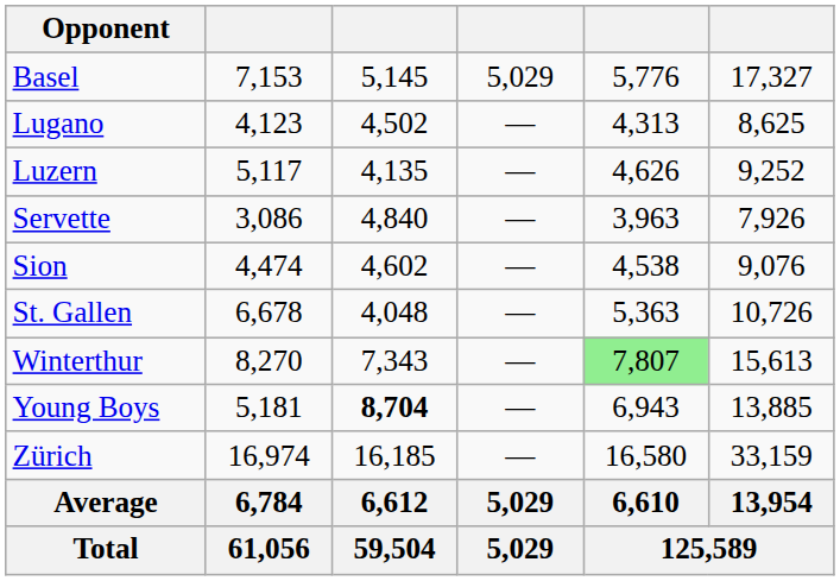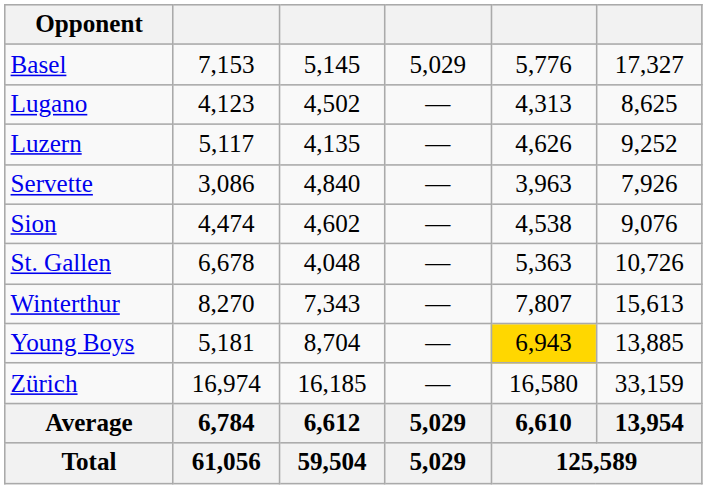 <table class="wikitable sortable" style="text-align:center">
 <tr>
 <th width=100>Opponent</th>
 <th width=60></th>
 <th width=60></th>
 <th width=60></th>
 <th width=60></th>
 <th width=60></th>
 </tr>
 <tr>
 <td align=left><a href='#'>Basel</a></td>
 <td>7,153</td>
 <td>5,145</td>
 <td>5,029</td>
 <td>5,776</td>
 <td>17,327</td>
 </tr>
 <tr>
 <td align=left><a href='#'>Lugano</a></td>
 <td>4,123</td>
 <td>4,502</td>
 <td>—</td>
 <td>4,313</td>
 <td>8,625</td>
 </tr>
 <tr>
 <td align=left><a href='#'>Luzern</a></td>
 <td>5,117</td>
 <td>4,135</td>
 <td>—</td>
 <td>4,626</td>
 <td>9,252</td>
 </tr>
 <tr>
 <td align=left><a href='#'>Servette</a></td>
 <td>3,086</td>
 <td>4,840</td>
 <td>—</td>
 <td>3,963</td>
 <td>7,926</td>
 </tr>
 <tr>
 <td align=left><a href='#'>Sion</a></td>
 <td>4,474</td>
 <td>4,602</td>
 <td>—</td>
 <td>4,538</td>
 <td>9,076</td>
 </tr>
 <tr>
 <td align=left><a href='#'>St. Gallen</a></td>
 <td>6,678</td>
 <td>4,048</td>
 <td>—</td>
 <td>5,363</td>
 <td>10,726</td>
 </tr>
 <tr>
 <td align=left><a href='#'>Winterthur</a></td>
 <td>8,270</td>
 <td>7,343</td>
 <td>—</td>
-<td style="background: lightgreen;">7,807</td>
+<td>7,807</td>
 <td>15,613</td>
 </tr>
 <tr>
 <td align=left><a href='#'>Young Boys</a></td>
 <td>5,181</td>
-<td><strong>8,704</strong></td>
+<td>8,704</td>
 <td>—</td>
-<td>6,943</td>
+<td style="background: gold;">6,943</td>
 <td>13,885</td>
 </tr>
 <tr>
 <td align=left><a href='#'>Zürich</a></td>
 <td>16,974</td>
 <td>16,185</td>
 <td>—</td>
 <td>16,580</td>
 <td>33,159</td>
 </tr>
 <tr class=sortbottom>
 <th>Average</th>
 <th>6,784</th>
 <th>6,612</th>
 <th>5,029</th>
 <th>6,610</th>
 <th>13,954</th>
 </tr>
 <tr class=sortbottom>
 <th>Total</th>
 <th>61,056</th>
 <th>59,504</th>
 <th>5,029</th>
 <th colspan=2>125,589</th>
 </tr>
 </table>
